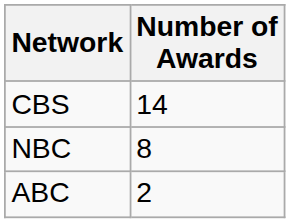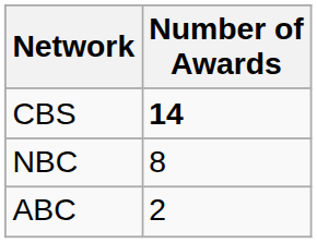 <table class="wikitable">
 <tr>
 <th>Network</th>
 <th>Number of<br>Awards</th>
 </tr>
 <tr>
 <td>CBS</td>
-<td>14</td>
+<td><strong>14</strong></td>
 </tr>
 <tr>
 <td>NBC</td>
 <td>8</td>
 </tr>
 <tr>
 <td>ABC</td>
 <td>2</td>
 </tr>
 </table>
